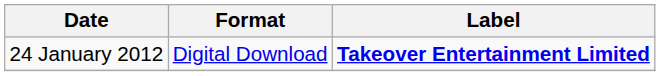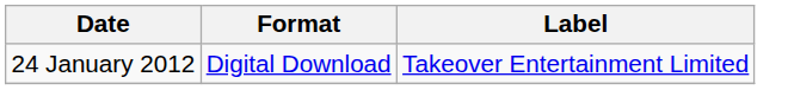 <table class="wikitable" border="1">
 <tr>
 <th>Date</th>
 <th>Format</th>
 <th>Label</th>
 </tr>
 <tr>
 <td rowspan=1>24 January 2012</td>
 <td rowspan=1><a href='#'>Digital Download</a></td>
-<td rowspan=1><strong><a href='#'>Takeover Entertainment Limited</a></strong></td>
+<td rowspan=1><a href='#'>Takeover Entertainment Limited</a></td>
 </tr>
 <tr>
 </tr>
 </table>
